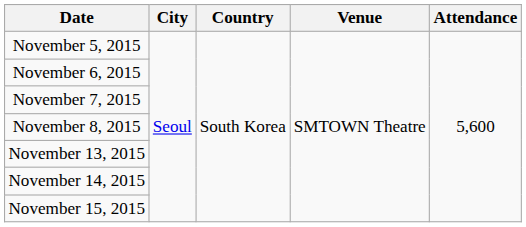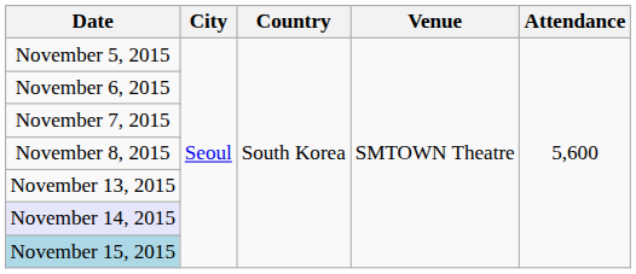 <table class="wikitable plainrowheaders" style="text-align:center;">
 <tr>
 <th>Date</th>
 <th>City</th>
 <th>Country</th>
 <th>Venue</th>
 <th>Attendance</th>
 </tr>
 <tr>
 <td>November 5, 2015</td>
 <td rowspan="7"><a href='#'>Seoul</a></td>
 <td rowspan="7">South Korea</td>
 <td rowspan="7">SMTOWN Theatre</td>
 <td rowspan="7">5,600</td>
 </tr>
 <tr>
 <td>November 6, 2015</td>
 </tr>
 <tr>
 <td>November 7, 2015</td>
 </tr>
 <tr>
 <td>November 8, 2015</td>
 </tr>
 <tr>
 <td>November 13, 2015</td>
 </tr>
 <tr>
-<td>November 14, 2015</td>
+<td style="background: lavender;">November 14, 2015</td>
 </tr>
 <tr>
-<td>November 15, 2015</td>
+<td style="background: lightblue;">November 15, 2015</td>
 </tr>
 </table>
